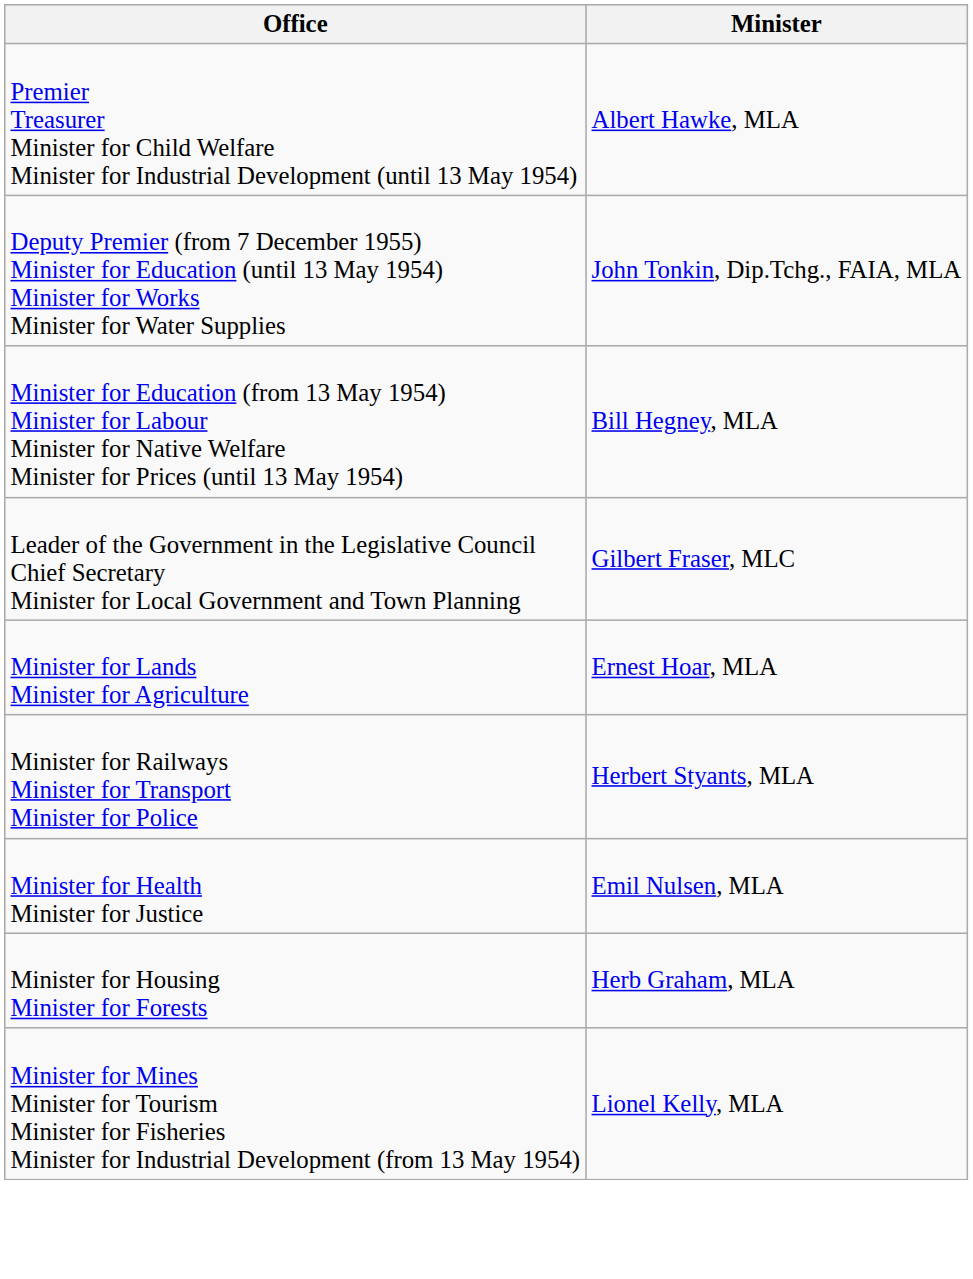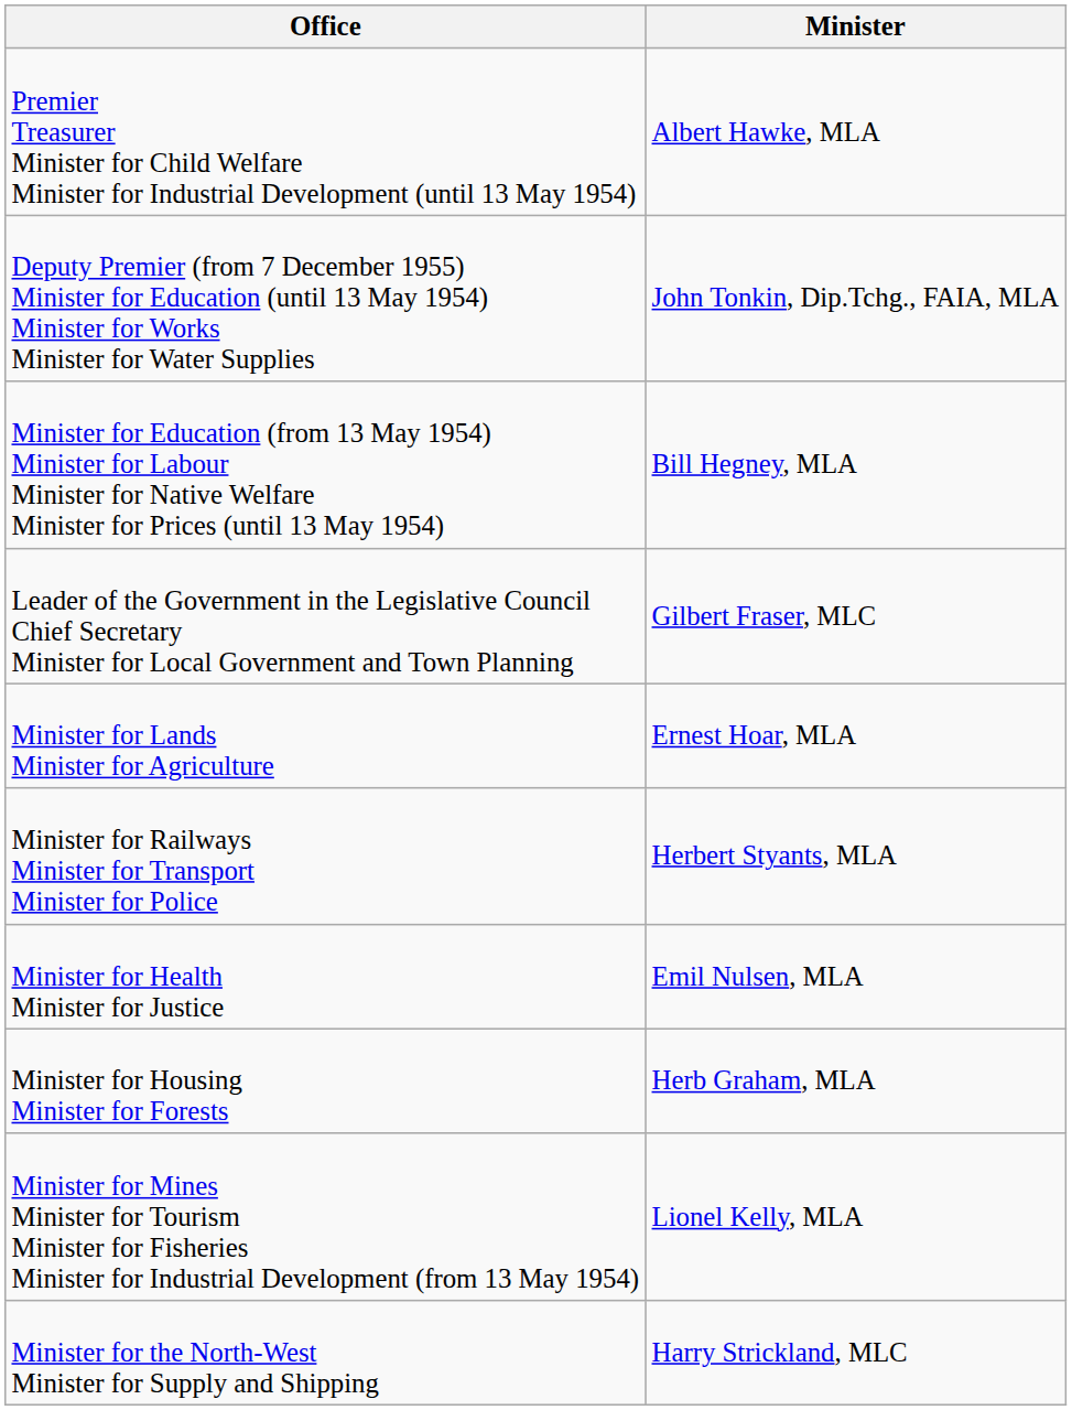 <table class="wikitable">
 <tr>
 <th>Office</th>
 <th>Minister</th>
 </tr>
 <tr>
 <td><br><a href='#'>Premier</a><br> <a href='#'>Treasurer</a><br> Minister for Child Welfare<br> Minister for Industrial Development (until 13 May 1954)<br></td>
 <td><a href='#'>Albert Hawke</a>, MLA</td>
 </tr>
 <tr>
 <td><br><a href='#'>Deputy Premier</a> (from 7 December 1955)<br> <a href='#'>Minister for Education</a> (until 13 May 1954)<br> <a href='#'>Minister for Works</a><br> Minister for Water Supplies<br></td>
 <td><a href='#'>John Tonkin</a>, Dip.Tchg., FAIA, MLA</td>
 </tr>
 <tr>
 <td><br><a href='#'>Minister for Education</a> (from 13 May 1954)<br> <a href='#'>Minister for Labour</a><br> Minister for Native Welfare<br> Minister for Prices (until 13 May 1954)<br></td>
 <td><a href='#'>Bill Hegney</a>, MLA</td>
 </tr>
 <tr>
 <td><br>Leader of the Government in the Legislative Council<br> Chief Secretary<br> Minister for Local Government and Town Planning<br></td>
 <td><a href='#'>Gilbert Fraser</a>, MLC</td>
 </tr>
 <tr>
 <td><br><a href='#'>Minister for Lands</a><br> <a href='#'>Minister for Agriculture</a><br></td>
 <td><a href='#'>Ernest Hoar</a>, MLA</td>
 </tr>
 <tr>
 <td><br>Minister for Railways<br> <a href='#'>Minister for Transport</a><br> <a href='#'>Minister for Police</a><br></td>
 <td><a href='#'>Herbert Styants</a>, MLA</td>
 </tr>
 <tr>
 <td><br><a href='#'>Minister for Health</a><br> Minister for Justice<br></td>
 <td><a href='#'>Emil Nulsen</a>, MLA</td>
 </tr>
 <tr>
 <td><br>Minister for Housing<br> <a href='#'>Minister for Forests</a><br></td>
 <td><a href='#'>Herb Graham</a>, MLA</td>
 </tr>
 <tr>
 <td><br><a href='#'>Minister for Mines</a><br> Minister for Tourism<br> Minister for Fisheries<br> Minister for Industrial Development (from 13 May 1954)<br></td>
 <td><a href='#'>Lionel Kelly</a>, MLA</td>
 </tr>
+<tr>
+<td><br><a href='#'>Minister for the North-West</a><br> Minister for Supply and Shipping<br></td>
+<td><a href='#'>Harry Strickland</a>, MLC</td>
+</tr>
 </table>
